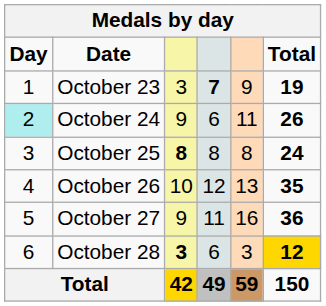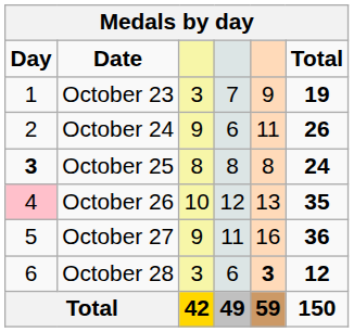 <table class=wikitable style="text-align:center">
 <tr>
 <th colspan=7>Medals by day</th>
 </tr>
 <tr>
 <td><strong>Day</strong></td>
 <td><strong>Date</strong></td>
 <td style="background:#F7F6A8"></td>
 <td style="background:#DCE5E5"></td>
 <td style="background:#FFDAB9"></td>
 <td><strong>Total</strong></td>
 </tr>
 <tr>
 <td>1</td>
 <td>October 23</td>
 <td style="background:#F7F6A8">3</td>
-<td style="background:#DCE5E5"><strong>7</strong></td>
+<td style="background:#DCE5E5">7</td>
 <td style="background:#FFDAB9">9</td>
 <td><strong>19</strong></td>
 </tr>
 <tr>
-<td style="background: paleturquoise;">2</td>
+<td>2</td>
 <td>October 24</td>
 <td style="background:#F7F6A8">9</td>
 <td style="background:#DCE5E5">6</td>
 <td style="background:#FFDAB9">11</td>
 <td><strong>26</strong></td>
 </tr>
 <tr>
-<td>3</td>
+<td><strong>3</strong></td>
 <td>October 25</td>
-<td style="background:#F7F6A8"><strong>8</strong></td>
+<td style="background:#F7F6A8">8</td>
 <td style="background:#DCE5E5">8</td>
 <td style="background:#FFDAB9">8</td>
 <td><strong>24</strong></td>
 </tr>
 <tr>
-<td>4</td>
+<td style="background: pink;">4</td>
 <td>October 26</td>
 <td style="background:#F7F6A8">10</td>
 <td style="background:#DCE5E5">12</td>
 <td style="background:#FFDAB9">13</td>
 <td><strong>35</strong></td>
 </tr>
 <tr>
 <td>5</td>
 <td>October 27</td>
 <td style="background:#F7F6A8">9</td>
 <td style="background:#DCE5E5">11</td>
 <td style="background:#FFDAB9">16</td>
 <td><strong>36</strong></td>
 </tr>
 <tr>
 <td>6</td>
 <td>October 28</td>
-<td style="background:#F7F6A8"><strong>3</strong></td>
+<td style="background:#F7F6A8">3</td>
 <td style="background:#DCE5E5">6</td>
-<td style="background:#FFDAB9">3</td>
-<td style="background: gold;"><strong>12</strong></td>
+<td style="background:#FFDAB9"><strong>3</strong></td>
+<td><strong>12</strong></td>
 </tr>
 <tr>
 <th colspan="2">Total</th>
 <td style="background:gold;"><strong>42</strong></td>
 <td style="background:silver;"><strong>49</strong></td>
 <td style="background:#c96;"><strong>59</strong></td>
 <td><strong>150</strong></td>
 </tr>
 </table>
